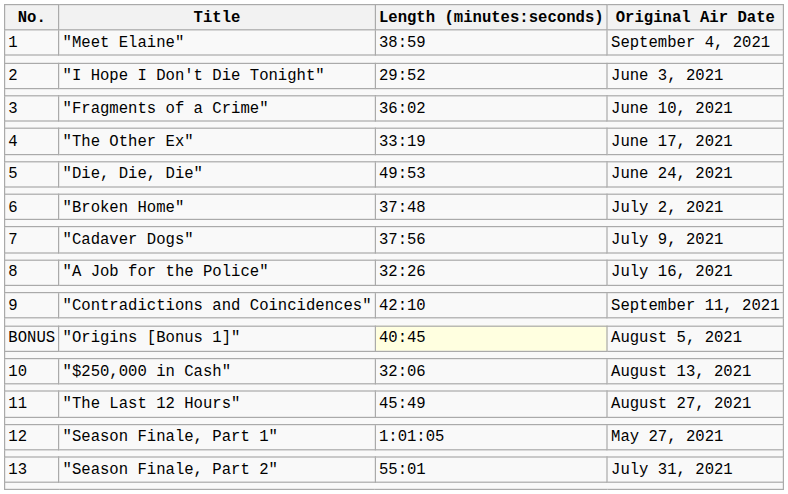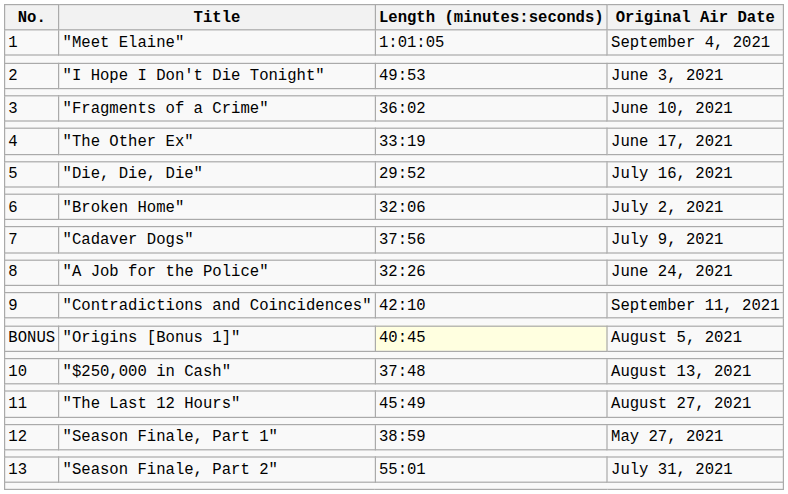 <table class="wikitable">
 <tr>
 <th>No.</th>
 <th>Title</th>
 <th>Length (minutes:seconds)</th>
 <th>Original Air Date</th>
 </tr>
 <tr>
 <td>1</td>
 <td>"Meet Elaine"</td>
-<td>38:59</td>
+<td>1:01:05</td>
 <td>September 4, 2021</td>
 </tr>
 <tr>
 <td colspan="4"></td>
 </tr>
 <tr>
 <td>2</td>
 <td>"I Hope I Don't Die Tonight"</td>
-<td>29:52</td>
+<td>49:53</td>
 <td>June 3, 2021</td>
 </tr>
 <tr>
 <td colspan="4"></td>
 </tr>
 <tr>
 <td>3</td>
 <td>"Fragments of a Crime"</td>
 <td>36:02</td>
 <td>June 10, 2021</td>
 </tr>
 <tr>
 <td colspan="4"></td>
 </tr>
 <tr>
 <td>4</td>
 <td>"The Other Ex"</td>
 <td>33:19</td>
 <td>June 17, 2021</td>
 </tr>
 <tr>
 <td colspan="4"></td>
 </tr>
 <tr>
 <td>5</td>
 <td>"Die, Die, Die"</td>
-<td>49:53</td>
-<td>June 24, 2021</td>
+<td>29:52</td>
+<td>July 16, 2021</td>
 </tr>
 <tr>
 <td colspan="4"></td>
 </tr>
 <tr>
 <td>6</td>
 <td>"Broken Home"</td>
-<td>37:48</td>
+<td>32:06</td>
 <td>July 2, 2021</td>
 </tr>
 <tr>
 <td colspan="4"></td>
 </tr>
 <tr>
 <td>7</td>
 <td>"Cadaver Dogs"</td>
 <td>37:56</td>
 <td>July 9, 2021</td>
 </tr>
 <tr>
 <td colspan="4"></td>
 </tr>
 <tr>
 <td>8</td>
 <td>"A Job for the Police"</td>
 <td>32:26</td>
-<td>July 16, 2021</td>
+<td>June 24, 2021</td>
 </tr>
 <tr>
 <td colspan="4"></td>
 </tr>
 <tr>
 <td>9</td>
 <td>"Contradictions and Coincidences"</td>
 <td>42:10</td>
 <td>September 11, 2021</td>
 </tr>
 <tr>
 <td colspan="4"></td>
 </tr>
 <tr>
 <td>BONUS</td>
 <td>"Origins [Bonus 1]"</td>
 <td style="background: lightyellow;">40:45</td>
 <td>August 5, 2021</td>
 </tr>
 <tr>
 <td colspan="4"></td>
 </tr>
 <tr>
 <td>10</td>
 <td>"$250,000 in Cash"</td>
-<td>32:06</td>
+<td>37:48</td>
 <td>August 13, 2021</td>
 </tr>
 <tr>
 <td colspan="4"></td>
 </tr>
 <tr>
 <td>11</td>
 <td>"The Last 12 Hours"</td>
 <td>45:49</td>
 <td>August 27, 2021</td>
 </tr>
 <tr>
 <td colspan="4"></td>
 </tr>
 <tr>
 <td>12</td>
 <td>"Season Finale, Part 1"</td>
-<td>1:01:05</td>
+<td>38:59</td>
 <td>May 27, 2021</td>
 </tr>
 <tr>
 <td colspan="4"></td>
 </tr>
 <tr>
 <td>13</td>
 <td>"Season Finale, Part 2"</td>
 <td>55:01</td>
 <td>July 31, 2021</td>
 </tr>
 <tr>
 <td colspan="4"></td>
 </tr>
 </table>
